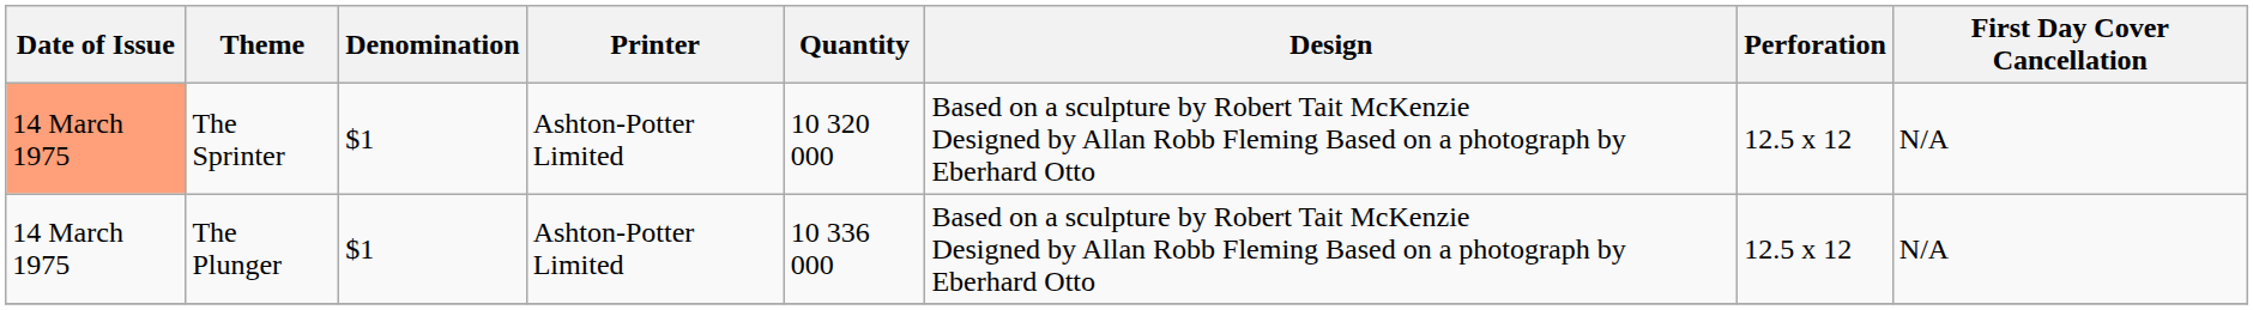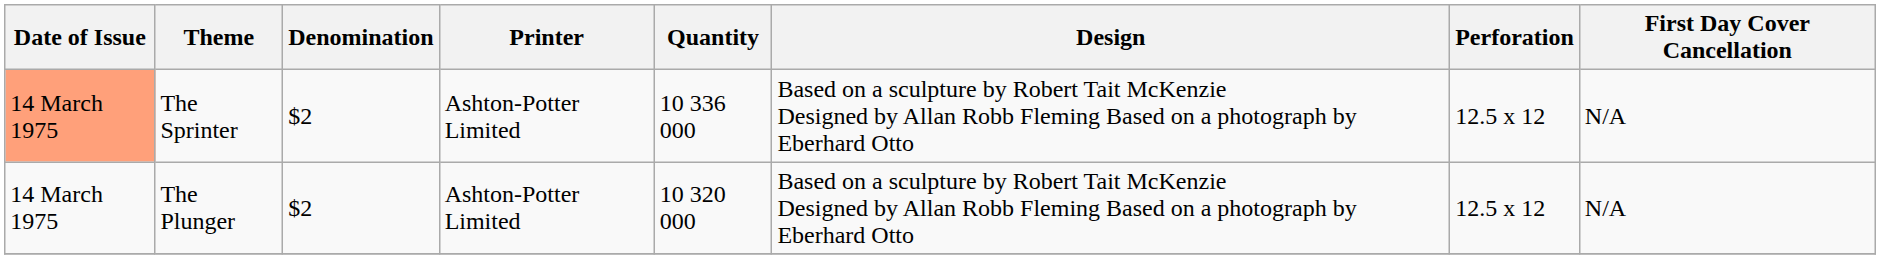 <table class="wikitable sortable">
 <tr>
 <th>Date of Issue</th>
 <th>Theme</th>
 <th>Denomination</th>
 <th>Printer</th>
 <th>Quantity</th>
 <th>Design</th>
 <th>Perforation</th>
 <th>First Day Cover Cancellation</th>
 </tr>
 <tr>
 <td style="background: lightsalmon;">14 March 1975 </td>
 <td>The Sprinter</td>
-<td>$1</td>
+<td>$2</td>
+<td>Ashton-Potter Limited</td>
+<td>10 336 000</td>
+<td>Based on a sculpture by Robert Tait McKenzie<br>Designed by Allan Robb Fleming Based on a photograph by Eberhard Otto</td>
+<td>12.5 x 12</td>
+<td>N/A</td>
+</tr>
+<tr>
+<td>14 March 1975</td>
+<td>The Plunger</td>
+<td>$2</td>
 <td>Ashton-Potter Limited</td>
 <td>10 320 000</td>
 <td>Based on a sculpture by Robert Tait McKenzie<br>Designed by Allan Robb Fleming Based on a photograph by Eberhard Otto</td>
 <td>12.5 x 12</td>
 <td>N/A</td>
 </tr>
 <tr>
-<td>14 March 1975</td>
-<td>The Plunger</td>
-<td>$1</td>
-<td>Ashton-Potter Limited</td>
-<td>10 336 000</td>
-<td>Based on a sculpture by Robert Tait McKenzie<br>Designed by Allan Robb Fleming Based on a photograph by Eberhard Otto</td>
-<td>12.5 x 12</td>
-<td>N/A</td>
-</tr>
-<tr>
 </tr>
 </table>
